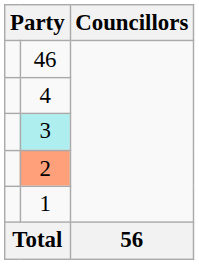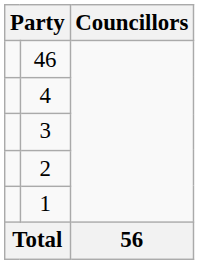 <table class="wikitable">
 <tr>
 <th colspan=2>Party</th>
 <th>Councillors</th>
 </tr>
 <tr>
 <td></td>
 <td align=center>46</td>
 </tr>
 <tr>
 <td></td>
 <td align=center>4</td>
 </tr>
 <tr>
 <td></td>
-<td align=center style="background: paleturquoise;">3</td>
+<td align=center>3</td>
 </tr>
 <tr>
 <td></td>
-<td align=center style="background: lightsalmon;">2</td>
+<td align=center>2</td>
 </tr>
 <tr>
 <td></td>
 <td align=center>1</td>
 </tr>
 <tr>
 <th colspan=2>Total</th>
 <th>56</th>
 </tr>
 </table>
